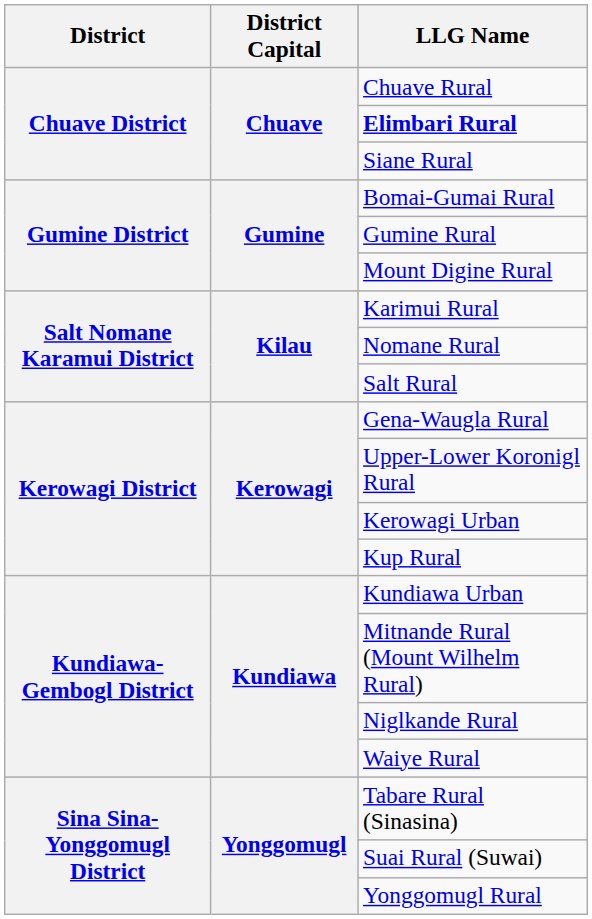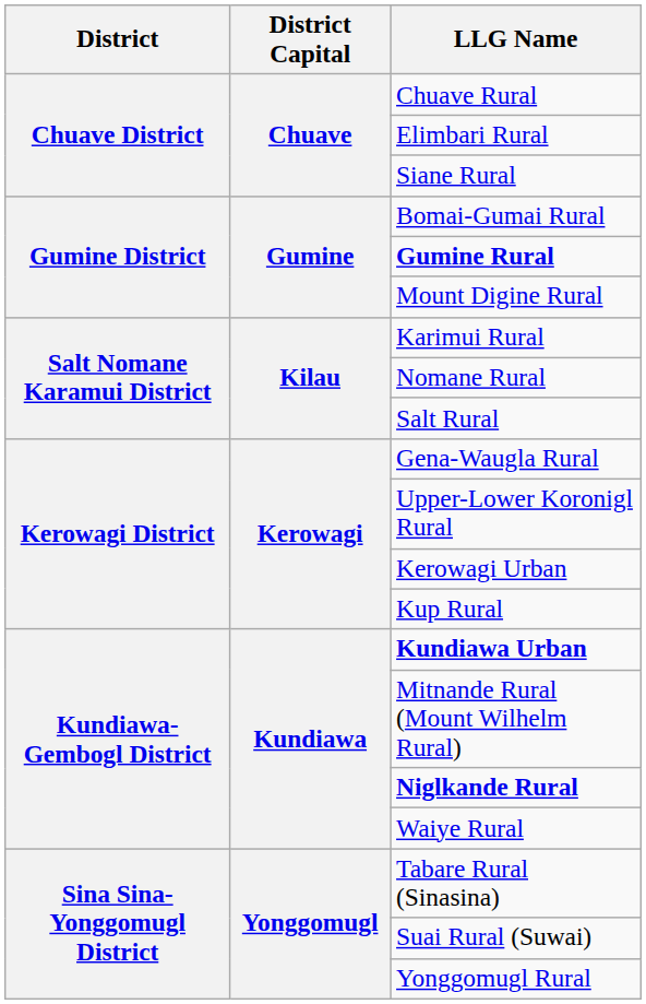 <table class="wikitable" style="text-align: left;" width="400">
 <tr>
 <th>District</th>
 <th>District Capital</th>
 <th>LLG Name</th>
 </tr>
 <tr>
 <th rowspan="3"><a href='#'>Chuave District</a></th>
 <th rowspan="3"><a href='#'>Chuave</a></th>
 <td><a href='#'>Chuave Rural</a></td>
 </tr>
 <tr>
-<td><strong><a href='#'>Elimbari Rural</a></strong></td>
+<td><a href='#'>Elimbari Rural</a></td>
 </tr>
 <tr>
 <td><a href='#'>Siane Rural</a></td>
 </tr>
 <tr>
 <th rowspan="3"><a href='#'>Gumine District</a></th>
 <th rowspan="3"><a href='#'>Gumine</a></th>
 <td><a href='#'>Bomai-Gumai Rural</a></td>
 </tr>
 <tr>
-<td><a href='#'>Gumine Rural</a></td>
+<td><strong><a href='#'>Gumine Rural</a></strong></td>
 </tr>
 <tr>
 <td><a href='#'>Mount Digine Rural</a></td>
 </tr>
 <tr>
 <th rowspan="3"><a href='#'>Salt Nomane Karamui District</a></th>
 <th rowspan="3"><a href='#'>Kilau</a></th>
 <td><a href='#'>Karimui Rural</a></td>
 </tr>
 <tr>
 <td><a href='#'>Nomane Rural</a></td>
 </tr>
 <tr>
 <td><a href='#'>Salt Rural</a></td>
 </tr>
 <tr>
 <th rowspan="4"><a href='#'>Kerowagi District</a></th>
 <th rowspan="4"><a href='#'>Kerowagi</a></th>
 <td><a href='#'>Gena-Waugla Rural</a></td>
 </tr>
 <tr>
 <td><a href='#'>Upper-Lower Koronigl Rural</a></td>
 </tr>
 <tr>
 <td><a href='#'>Kerowagi Urban</a></td>
 </tr>
 <tr>
 <td><a href='#'>Kup Rural</a></td>
 </tr>
 <tr>
 <th rowspan="4"><a href='#'>Kundiawa-Gembogl District</a></th>
 <th rowspan="4"><a href='#'>Kundiawa</a></th>
-<td><a href='#'>Kundiawa Urban</a></td>
+<td><strong><a href='#'>Kundiawa Urban</a></strong></td>
 </tr>
 <tr>
 <td><a href='#'>Mitnande Rural</a> (<a href='#'>Mount Wilhelm Rural</a>)</td>
 </tr>
 <tr>
-<td><a href='#'>Niglkande Rural</a></td>
+<td><strong><a href='#'>Niglkande Rural</a></strong></td>
 </tr>
 <tr>
 <td><a href='#'>Waiye Rural</a></td>
 </tr>
 <tr>
 <th rowspan="3"><a href='#'>Sina Sina-Yonggomugl District</a></th>
 <th rowspan="3"><a href='#'>Yonggomugl</a></th>
 <td><a href='#'>Tabare Rural</a> (Sinasina)</td>
 </tr>
 <tr>
 <td><a href='#'>Suai Rural</a> (Suwai)</td>
 </tr>
 <tr>
 <td><a href='#'>Yonggomugl Rural</a></td>
 </tr>
 </table>
